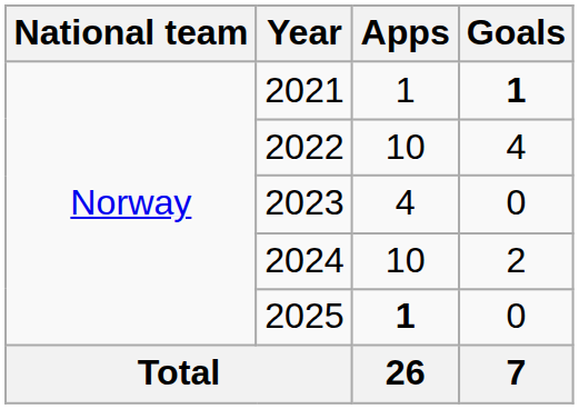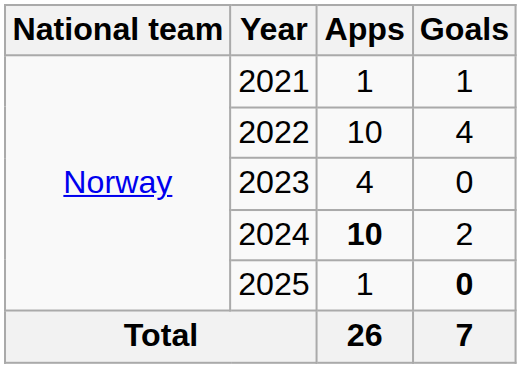 <table class="wikitable" style="text-align:center">
 <tr>
 <th>National team</th>
 <th>Year</th>
 <th>Apps</th>
 <th>Goals</th>
 </tr>
 <tr>
 <td rowspan="5"><a href='#'>Norway</a></td>
 <td>2021</td>
 <td>1</td>
-<td><strong>1</strong></td>
+<td>1</td>
 </tr>
 <tr>
 <td>2022</td>
 <td>10</td>
 <td>4</td>
 </tr>
 <tr>
 <td>2023</td>
 <td>4</td>
 <td>0</td>
 </tr>
 <tr>
 <td>2024</td>
-<td>10</td>
+<td><strong>10</strong></td>
 <td>2</td>
 </tr>
 <tr>
 <td>2025</td>
-<td><strong>1</strong></td>
-<td>0</td>
+<td>1</td>
+<td><strong>0</strong></td>
 </tr>
 <tr>
 <th colspan="2">Total</th>
 <th>26</th>
 <th>7</th>
 </tr>
 </table>
